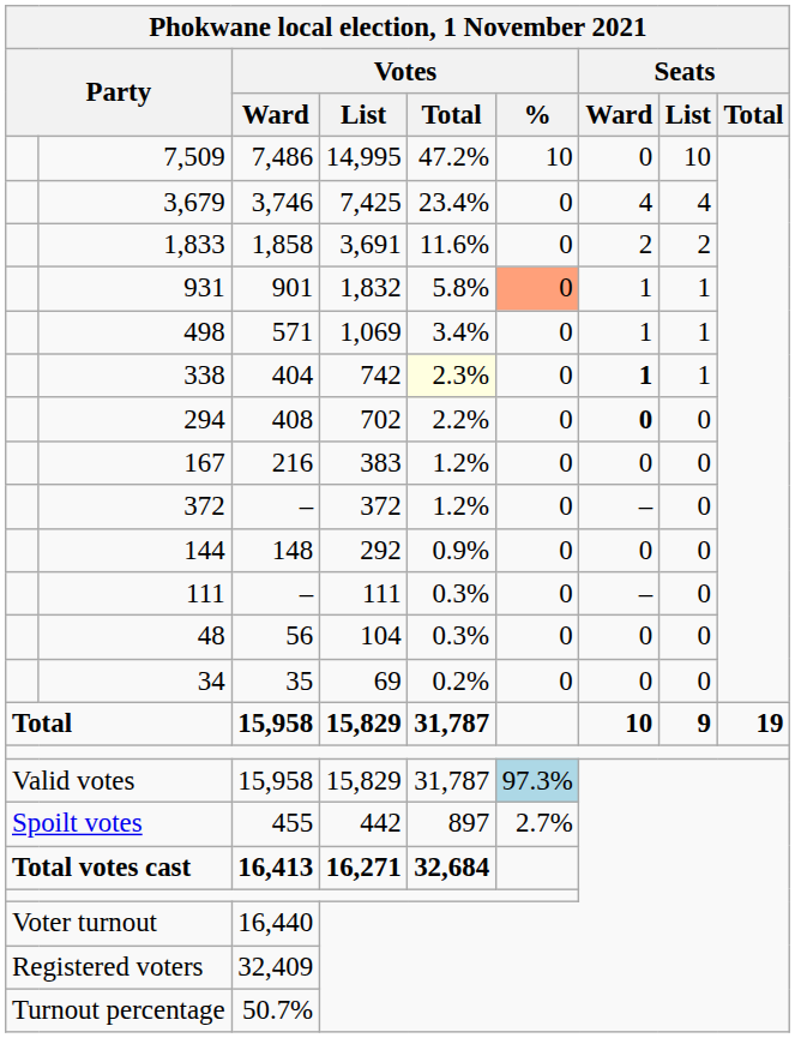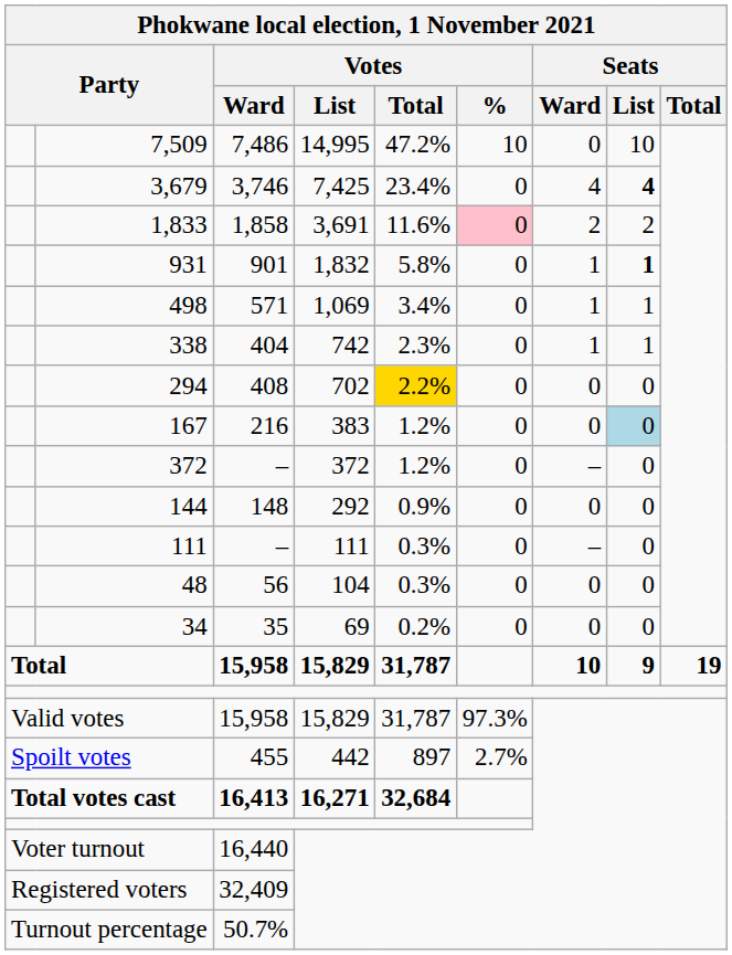 <table class=wikitable style="text-align:right">
 <tr>
 <th colspan="9" align="center">Phokwane local election, 1 November 2021</th>
 </tr>
 <tr>
 <th rowspan="2" colspan="2">Party</th>
 <th colspan="4" align="center">Votes</th>
 <th colspan="3" align="center">Seats</th>
 </tr>
 <tr>
 <th>Ward</th>
 <th>List</th>
 <th>Total</th>
 <th>%</th>
 <th>Ward</th>
 <th>List</th>
 <th>Total</th>
 </tr>
 <tr>
 <td></td>
 <td>7,509</td>
 <td>7,486</td>
 <td>14,995</td>
 <td>47.2%</td>
 <td>10</td>
 <td>0</td>
 <td>10</td>
 </tr>
 <tr>
 <td></td>
 <td>3,679</td>
 <td>3,746</td>
 <td>7,425</td>
 <td>23.4%</td>
 <td>0</td>
 <td>4</td>
-<td>4</td>
+<td><strong>4</strong></td>
 </tr>
 <tr>
 <td></td>
 <td>1,833</td>
 <td>1,858</td>
 <td>3,691</td>
 <td>11.6%</td>
-<td>0</td>
+<td style="background: pink;">0</td>
 <td>2</td>
 <td>2</td>
 </tr>
 <tr>
 <td></td>
 <td>931</td>
 <td>901</td>
 <td>1,832</td>
 <td>5.8%</td>
-<td style="background: lightsalmon;">0</td>
+<td>0</td>
 <td>1</td>
-<td>1</td>
+<td><strong>1</strong></td>
 </tr>
 <tr>
 <td></td>
 <td>498</td>
 <td>571</td>
 <td>1,069</td>
 <td>3.4%</td>
 <td>0</td>
 <td>1</td>
 <td>1</td>
 </tr>
 <tr>
 <td></td>
 <td>338</td>
 <td>404</td>
 <td>742</td>
-<td style="background: lightyellow;">2.3%</td>
+<td>2.3%</td>
 <td>0</td>
-<td><strong>1</strong></td>
+<td>1</td>
 <td>1</td>
 </tr>
 <tr>
 <td></td>
 <td>294</td>
 <td>408</td>
 <td>702</td>
-<td>2.2%</td>
+<td style="background: gold;">2.2%</td>
 <td>0</td>
-<td><strong>0</strong></td>
+<td>0</td>
 <td>0</td>
 </tr>
 <tr>
 <td></td>
 <td>167</td>
 <td>216</td>
 <td>383</td>
 <td>1.2%</td>
 <td>0</td>
 <td>0</td>
-<td>0</td>
+<td style="background: lightblue;">0</td>
 </tr>
 <tr>
 <td></td>
 <td>372</td>
 <td>–</td>
 <td>372</td>
 <td>1.2%</td>
 <td>0</td>
 <td>–</td>
 <td>0</td>
 </tr>
 <tr>
 <td></td>
 <td>144</td>
 <td>148</td>
 <td>292</td>
 <td>0.9%</td>
 <td>0</td>
 <td>0</td>
 <td>0</td>
 </tr>
 <tr>
 <td></td>
 <td>111</td>
 <td>–</td>
 <td>111</td>
 <td>0.3%</td>
 <td>0</td>
 <td>–</td>
 <td>0</td>
 </tr>
 <tr>
 <td></td>
 <td>48</td>
 <td>56</td>
 <td>104</td>
 <td>0.3%</td>
 <td>0</td>
 <td>0</td>
 <td>0</td>
 </tr>
 <tr>
 <td></td>
 <td>34</td>
 <td>35</td>
 <td>69</td>
 <td>0.2%</td>
 <td>0</td>
 <td>0</td>
 <td>0</td>
 </tr>
 <tr>
 <td colspan="2" style="text-align:left"><strong>Total</strong></td>
 <td><strong>15,958</strong></td>
 <td><strong>15,829</strong></td>
 <td><strong>31,787</strong></td>
 <td></td>
 <td><strong>10</strong></td>
 <td><strong>9</strong></td>
 <td><strong>19</strong></td>
 </tr>
 <tr>
 <td colspan="9"></td>
 </tr>
 <tr>
 <td colspan="2" style="text-align:left">Valid votes</td>
 <td>15,958</td>
 <td>15,829</td>
 <td>31,787</td>
-<td style="background: lightblue;">97.3%</td>
+<td>97.3%</td>
 </tr>
 <tr>
 <td colspan="2" style="text-align:left"><a href='#'>Spoilt votes</a></td>
 <td>455</td>
 <td>442</td>
 <td>897</td>
 <td>2.7%</td>
 </tr>
 <tr>
 <td colspan="2" style="text-align:left"><strong>Total votes cast</strong></td>
 <td><strong>16,413</strong></td>
 <td><strong>16,271</strong></td>
 <td><strong>32,684</strong></td>
 <td></td>
 </tr>
 <tr>
 <td colspan="6"></td>
 </tr>
 <tr>
 <td colspan="2" style="text-align:left">Voter turnout</td>
 <td>16,440</td>
 </tr>
 <tr>
 <td colspan="2" style="text-align:left">Registered voters</td>
 <td>32,409</td>
 </tr>
 <tr>
 <td colspan="2" style="text-align:left">Turnout percentage</td>
 <td>50.7%</td>
 </tr>
 </table>
